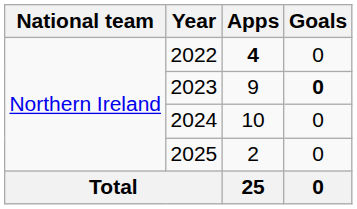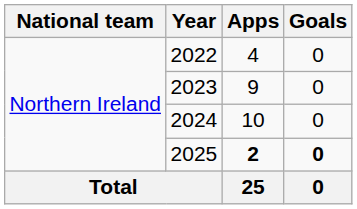 <table class=wikitable style=text-align:center>
 <tr>
 <th>National team</th>
 <th>Year</th>
 <th>Apps</th>
 <th>Goals</th>
 </tr>
 <tr>
 <td rowspan=4><a href='#'>Northern Ireland</a></td>
 <td>2022</td>
-<td><strong>4</strong></td>
+<td>4</td>
 <td>0</td>
 </tr>
 <tr>
 <td>2023</td>
 <td>9</td>
-<td><strong>0</strong></td>
+<td>0</td>
 </tr>
 <tr>
 <td>2024</td>
 <td>10</td>
 <td>0</td>
 </tr>
 <tr>
 <td>2025</td>
-<td>2</td>
-<td>0</td>
+<td><strong>2</strong></td>
+<td><strong>0</strong></td>
 </tr>
 <tr>
 <th colspan=2>Total</th>
 <th>25</th>
 <th>0</th>
 </tr>
 </table>
